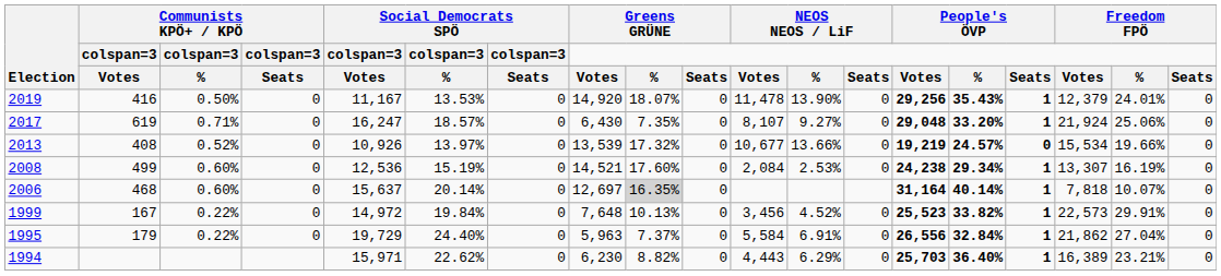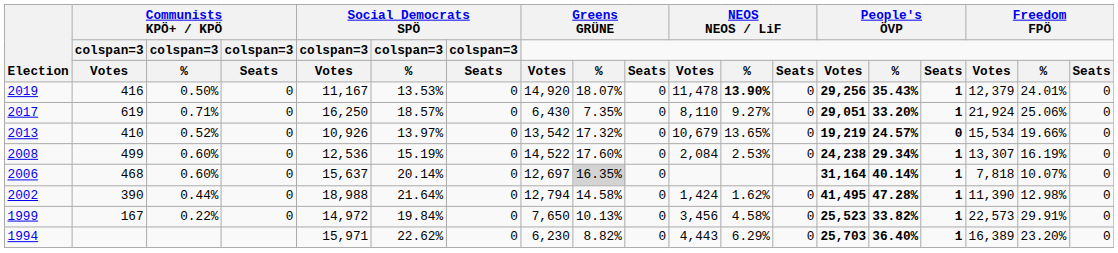 <table class="wikitable" border="1" style="font-size:100%; text-align:right;">
 <tr>
 <th style="text-align:left;" valign=bottom rowspan=3>Election</th>
 <th valign=bottom colspan=3><a href='#'>Communists</a><br>KPÖ+ / KPÖ</th>
 <th valign=bottom colspan=3><a href='#'>Social Democrats</a><br>SPÖ</th>
 <th valign=bottom colspan=3><a href='#'>Greens</a><br>GRÜNE</th>
 <th valign=bottom colspan=3><a href='#'>NEOS</a><br>NEOS / LiF</th>
 <th valign=bottom colspan=3><a href='#'>People's</a><br>ÖVP</th>
 <th valign=bottom colspan=3><a href='#'>Freedom</a><br>FPÖ</th>
 </tr>
 <tr>
 <th>colspan=3 </th>
 <th>colspan=3 </th>
 <th>colspan=3 </th>
 <th>colspan=3 </th>
 <th>colspan=3 </th>
 <th>colspan=3 </th>
 </tr>
 <tr>
 <th>Votes</th>
 <th>%</th>
 <th>Seats</th>
 <th>Votes</th>
 <th>%</th>
 <th>Seats</th>
 <th>Votes</th>
 <th>%</th>
 <th>Seats</th>
 <th>Votes</th>
 <th>%</th>
 <th>Seats</th>
 <th>Votes</th>
 <th>%</th>
 <th>Seats</th>
 <th>Votes</th>
 <th>%</th>
 <th>Seats</th>
 </tr>
 <tr>
 <td align=left><a href='#'>2019</a></td>
 <td>416</td>
 <td>0.50%</td>
 <td>0</td>
 <td>11,167</td>
 <td>13.53%</td>
 <td>0</td>
 <td>14,920</td>
 <td>18.07%</td>
 <td>0</td>
 <td>11,478</td>
-<td>13.90%</td>
+<td><strong>13.90%</strong></td>
 <td>0</td>
 <td><strong>29,256</strong></td>
 <td><strong>35.43%</strong></td>
 <td><strong>1</strong></td>
 <td>12,379</td>
 <td>24.01%</td>
 <td>0</td>
 </tr>
 <tr>
 <td align=left><a href='#'>2017</a></td>
 <td>619</td>
 <td>0.71%</td>
 <td>0</td>
-<td>16,247</td>
+<td>16,250</td>
 <td>18.57%</td>
 <td>0</td>
 <td>6,430</td>
 <td>7.35%</td>
 <td>0</td>
-<td>8,107</td>
+<td>8,110</td>
 <td>9.27%</td>
 <td>0</td>
-<td><strong>29,048</strong></td>
+<td><strong>29,051</strong></td>
 <td><strong>33.20%</strong></td>
 <td><strong>1</strong></td>
 <td>21,924</td>
 <td>25.06%</td>
 <td>0</td>
 </tr>
 <tr>
 <td align=left><a href='#'>2013</a></td>
-<td>408</td>
+<td>410</td>
 <td>0.52%</td>
 <td>0</td>
 <td>10,926</td>
 <td>13.97%</td>
 <td>0</td>
-<td>13,539</td>
+<td>13,542</td>
 <td>17.32%</td>
 <td>0</td>
-<td>10,677</td>
-<td>13.66%</td>
+<td>10,679</td>
+<td>13.65%</td>
 <td>0</td>
 <td><strong>19,219</strong></td>
 <td><strong>24.57%</strong></td>
 <td><strong>0</strong></td>
 <td>15,534</td>
 <td>19.66%</td>
 <td>0</td>
 </tr>
 <tr>
 <td align=left><a href='#'>2008</a></td>
 <td>499</td>
 <td>0.60%</td>
 <td>0</td>
 <td>12,536</td>
 <td>15.19%</td>
 <td>0</td>
-<td>14,521</td>
+<td>14,522</td>
 <td>17.60%</td>
 <td>0</td>
 <td>2,084</td>
 <td>2.53%</td>
 <td>0</td>
 <td><strong>24,238</strong></td>
 <td><strong>29.34%</strong></td>
 <td><strong>1</strong></td>
 <td>13,307</td>
 <td>16.19%</td>
 <td>0</td>
 </tr>
 <tr>
 <td align=left><a href='#'>2006</a></td>
 <td>468</td>
 <td>0.60%</td>
 <td>0</td>
 <td>15,637</td>
 <td>20.14%</td>
 <td>0</td>
 <td>12,697</td>
 <td style="background: lightgrey;">16.35%</td>
 <td>0</td>
 <td></td>
 <td></td>
 <td></td>
 <td><strong>31,164</strong></td>
 <td><strong>40.14%</strong></td>
 <td><strong>1</strong></td>
 <td>7,818</td>
 <td>10.07%</td>
 <td>0</td>
 </tr>
 <tr>
+<td align=left><a href='#'>2002</a></td>
+<td>390</td>
+<td>0.44%</td>
+<td>0</td>
+<td>18,988</td>
+<td>21.64%</td>
+<td>0</td>
+<td>12,794</td>
+<td>14.58%</td>
+<td>0</td>
+<td>1,424</td>
+<td>1.62%</td>
+<td>0</td>
+<td><strong>41,495</strong></td>
+<td><strong>47.28%</strong></td>
+<td><strong>1</strong></td>
+<td>11,390</td>
+<td>12.98%</td>
+<td>0</td>
+</tr>
+<tr>
 <td align=left><a href='#'>1999</a></td>
 <td>167</td>
 <td>0.22%</td>
 <td>0</td>
 <td>14,972</td>
 <td>19.84%</td>
 <td>0</td>
-<td>7,648</td>
+<td>7,650</td>
 <td>10.13%</td>
 <td>0</td>
 <td>3,456</td>
-<td>4.52%</td>
+<td>4.58%</td>
 <td>0</td>
 <td><strong>25,523</strong></td>
 <td><strong>33.82%</strong></td>
 <td><strong>1</strong></td>
 <td>22,573</td>
 <td>29.91%</td>
-<td>0</td>
-</tr>
-<tr>
-<td align=left><a href='#'>1995</a></td>
-<td>179</td>
-<td>0.22%</td>
-<td>0</td>
-<td>19,729</td>
-<td>24.40%</td>
-<td>0</td>
-<td>5,963</td>
-<td>7.37%</td>
-<td>0</td>
-<td>5,584</td>
-<td>6.91%</td>
-<td>0</td>
-<td><strong>26,556</strong></td>
-<td><strong>32.84%</strong></td>
-<td><strong>1</strong></td>
-<td>21,862</td>
-<td>27.04%</td>
 <td>0</td>
 </tr>
 <tr>
 <td align=left><a href='#'>1994</a></td>
 <td></td>
 <td></td>
 <td></td>
 <td>15,971</td>
 <td>22.62%</td>
 <td>0</td>
 <td>6,230</td>
 <td>8.82%</td>
 <td>0</td>
 <td>4,443</td>
 <td>6.29%</td>
 <td>0</td>
 <td><strong>25,703</strong></td>
 <td><strong>36.40%</strong></td>
 <td><strong>1</strong></td>
 <td>16,389</td>
-<td>23.21%</td>
+<td>23.20%</td>
 <td>0</td>
 </tr>
 </table>
